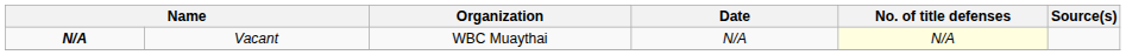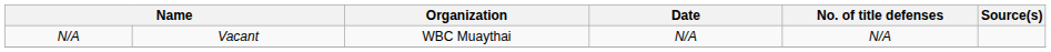 <table class="wikitable" style="width:99%; text-align:center;">
 <tr>
 <th colspan="2" style="width:35%;">Name</th>
 <th style="width:25%;">Organization</th>
 <th width=20%>Date</th>
 <th width=20%>No. of title defenses</th>
 <th>Source(s)</th>
 </tr>
 <tr>
-<td><strong><em>N/A</em></strong></td>
+<td><em>N/A</em></td>
 <td><em>Vacant</em></td>
 <td>WBC Muaythai</td>
 <td><em>N/A</em></td>
-<td style="background: lightyellow;"><em>N/A</em></td>
+<td><em>N/A</em></td>
 <td></td>
 </tr>
 <tr>
 </tr>
 </table>
